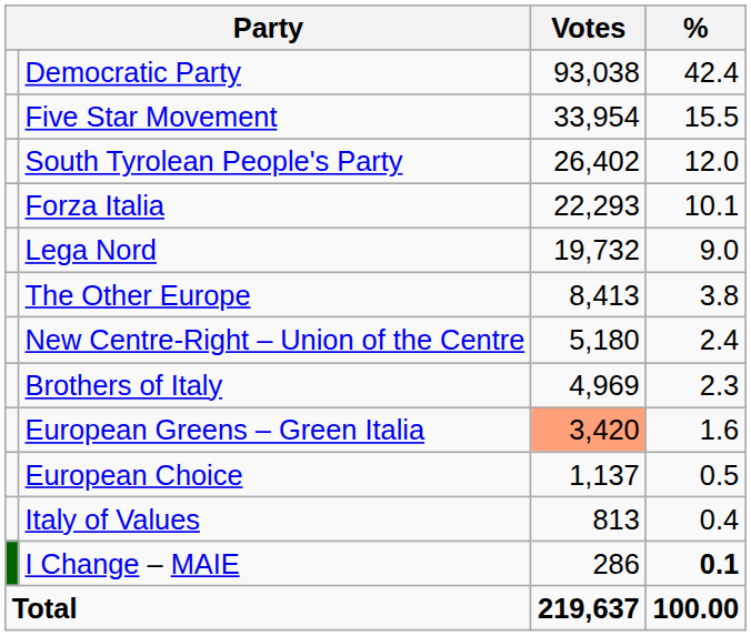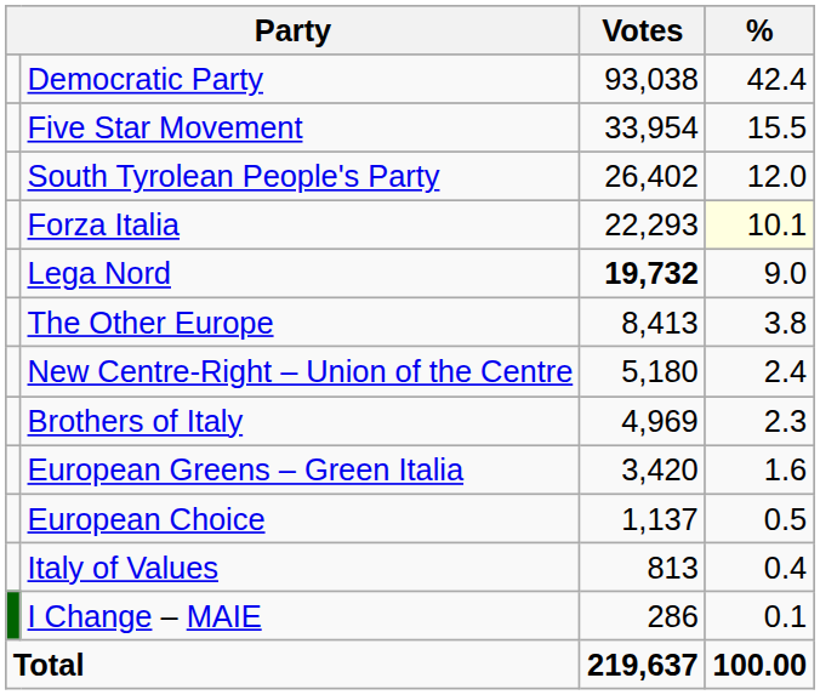 <table class="wikitable" style="font-size:95%">
 <tr>
 <th colspan=2>Party</th>
 <th>Votes</th>
 <th>%</th>
 </tr>
 <tr>
 <td></td>
 <td><a href='#'>Democratic Party</a></td>
 <td align=right>93,038</td>
 <td align=right>42.4</td>
 </tr>
 <tr>
 <td></td>
 <td><a href='#'>Five Star Movement</a></td>
 <td align=right>33,954</td>
 <td align=right>15.5</td>
 </tr>
 <tr>
 <td></td>
 <td><a href='#'>South Tyrolean People's Party</a></td>
 <td align=right>26,402</td>
 <td align=right>12.0</td>
 </tr>
 <tr>
 <td></td>
 <td><a href='#'>Forza Italia</a></td>
 <td align=right>22,293</td>
-<td align=right>10.1</td>
+<td align=right style="background: lightyellow;">10.1</td>
 </tr>
 <tr>
 <td></td>
 <td><a href='#'>Lega Nord</a></td>
-<td align=right>19,732</td>
+<td align=right><strong>19,732</strong></td>
 <td align=right>9.0</td>
 </tr>
 <tr>
 <td></td>
 <td><a href='#'>The Other Europe</a></td>
 <td align=right>8,413</td>
 <td align=right>3.8</td>
 </tr>
 <tr>
 <td></td>
 <td><a href='#'>New Centre-Right – Union of the Centre</a></td>
 <td align=right>5,180</td>
 <td align=right>2.4</td>
 </tr>
 <tr>
 <td></td>
 <td><a href='#'>Brothers of Italy</a></td>
 <td align=right>4,969</td>
 <td align=right>2.3</td>
 </tr>
 <tr>
 <td></td>
 <td><a href='#'>European Greens – Green Italia</a></td>
-<td align=right style="background: lightsalmon;">3,420</td>
+<td align=right>3,420</td>
 <td align=right>1.6</td>
 </tr>
 <tr>
 <td></td>
 <td><a href='#'>European Choice</a></td>
 <td align=right>1,137</td>
 <td align=right>0.5</td>
 </tr>
 <tr>
 <td></td>
 <td><a href='#'>Italy of Values</a></td>
 <td align=right>813</td>
 <td align=right>0.4</td>
 </tr>
 <tr>
 <td bgcolor="darkgreen"></td>
 <td><a href='#'>I Change</a> – <a href='#'>MAIE</a></td>
 <td align=right>286</td>
-<td align=right><strong>0.1</strong></td>
+<td align=right>0.1</td>
 </tr>
 <tr>
 <td colspan=2><strong>Total</strong></td>
 <td align=right><strong>219,637</strong></td>
 <td align=right><strong>100.00</strong></td>
 </tr>
 </table>
